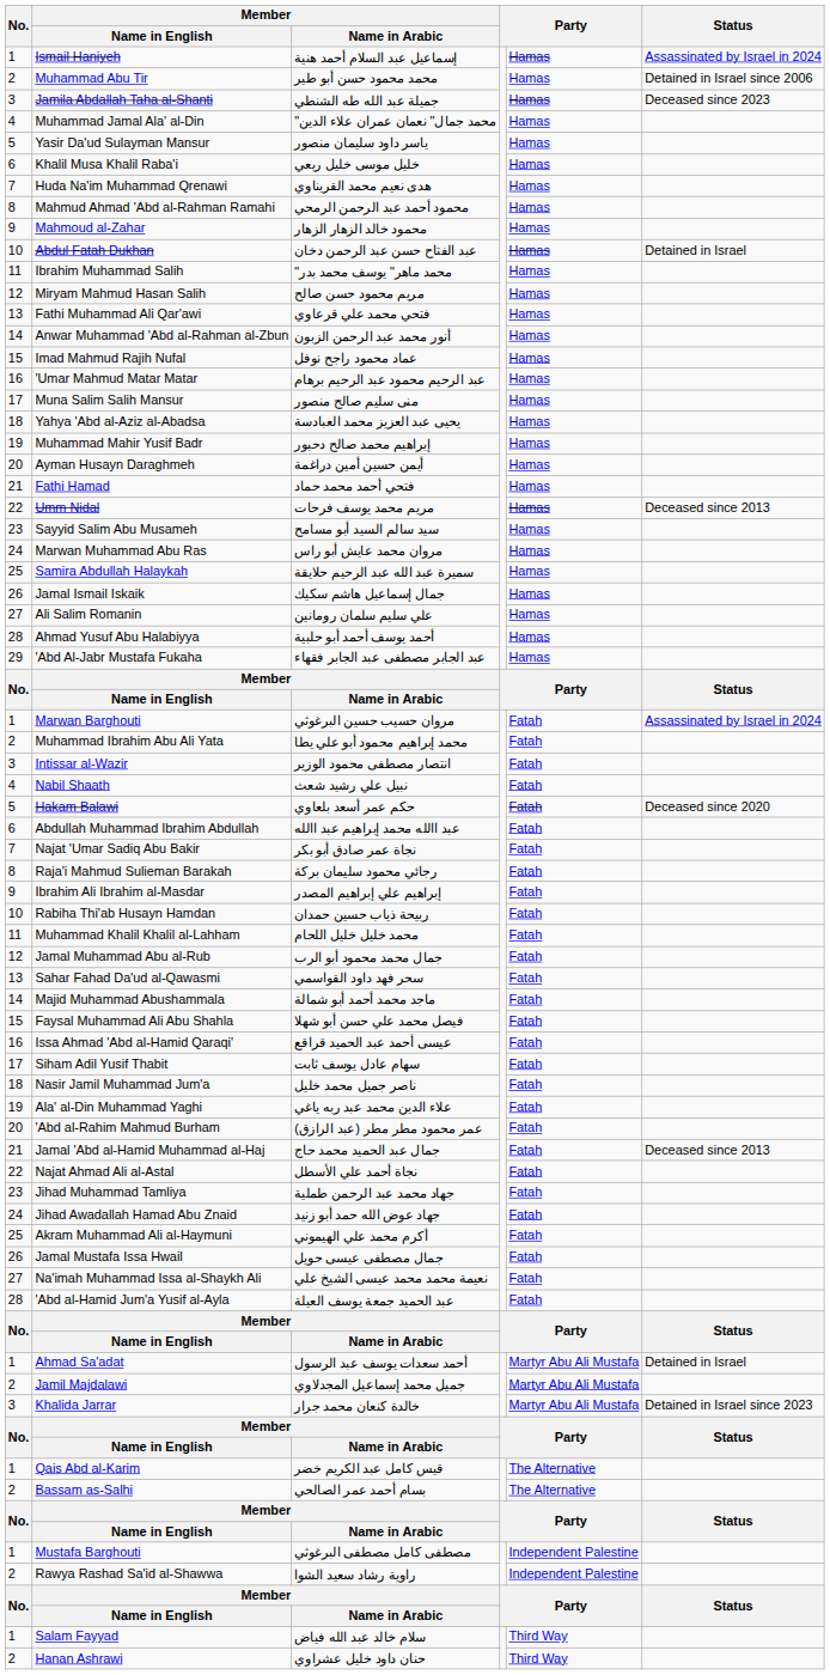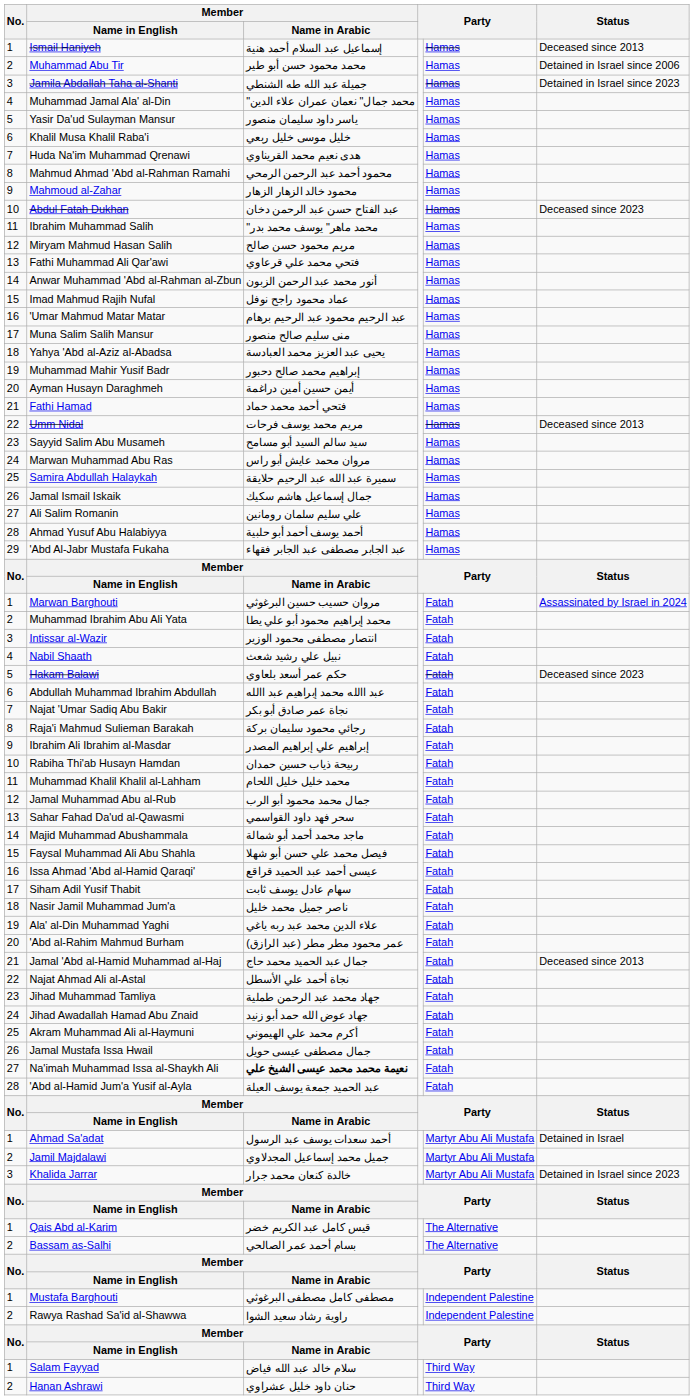 <table class="wikitable">
 <tr>
 <th colspan="1" rowspan="2">No.</th>
 <th colspan="2">Member</th>
 <th colspan="2" rowspan="2">Party</th>
 <th colspan="1" rowspan="2">Status</th>
 </tr>
 <tr>
 <th>Name in English</th>
 <th>Name in Arabic</th>
 </tr>
 <tr>
 <td>1</td>
 <td><s><a href='#'>Ismail Haniyeh</a></s></td>
 <td>إسماعيل عبد السلام أحمد هنية</td>
 <td rowspan="29" style="background-color:"></td>
 <td><s><a href='#'>Hamas</a></s></td>
-<td><a href='#'>Assassinated by Israel in 2024</a></td>
+<td>Deceased since 2013</td>
 </tr>
 <tr>
 <td>2</td>
 <td><a href='#'>Muhammad Abu Tir</a></td>
 <td>محمد محمود حسن أبو طير</td>
 <td><a href='#'>Hamas</a></td>
 <td>Detained in Israel since 2006</td>
 </tr>
 <tr>
 <td>3</td>
 <td><s><a href='#'>Jamila Abdallah Taha al-Shanti</a></s></td>
 <td>جميلة عبد الله طه الشنطي</td>
 <td><s><a href='#'>Hamas</a></s></td>
-<td>Deceased since 2023</td>
+<td>Detained in Israel since 2023</td>
 </tr>
 <tr>
 <td>4</td>
 <td>Muhammad Jamal Ala' al-Din</td>
 <td>"محمد جمال" نعمان عمران علاء الدين</td>
 <td><a href='#'>Hamas</a></td>
 <td></td>
 </tr>
 <tr>
 <td>5</td>
 <td>Yasir Da'ud Sulayman Mansur</td>
 <td>ياسر داود سليمان منصور</td>
 <td><a href='#'>Hamas</a></td>
 <td></td>
 </tr>
 <tr>
 <td>6</td>
 <td>Khalil Musa Khalil Raba'i</td>
 <td>خلیل موسى خليل ربعي</td>
 <td><a href='#'>Hamas</a></td>
 <td></td>
 </tr>
 <tr>
 <td>7</td>
 <td>Huda Na'im Muhammad Qrenawi</td>
 <td>هدى نعيم محمد القریناوي</td>
 <td><a href='#'>Hamas</a></td>
 <td></td>
 </tr>
 <tr>
 <td>8</td>
 <td>Mahmud Ahmad 'Abd al-Rahman Ramahi</td>
 <td>محمود أحمد عبد الرحمن الرمحي</td>
 <td><a href='#'>Hamas</a></td>
 <td></td>
 </tr>
 <tr>
 <td>9</td>
 <td><a href='#'>Mahmoud al-Zahar</a></td>
 <td>محمود خالد الزهار الزهار</td>
 <td><a href='#'>Hamas</a></td>
 <td></td>
 </tr>
 <tr>
 <td>10</td>
 <td><s><a href='#'>Abdul Fatah Dukhan</a></s></td>
 <td>عبد الفتاح حسن عبد الرحمن دخان</td>
 <td><s><a href='#'>Hamas</a></s></td>
-<td>Detained in Israel</td>
+<td>Deceased since 2023</td>
 </tr>
 <tr>
 <td>11</td>
 <td>Ibrahim Muhammad Salih</td>
 <td>"محمد ماهر" يوسف محمد بدر</td>
 <td><a href='#'>Hamas</a></td>
 <td></td>
 </tr>
 <tr>
 <td>12</td>
 <td>Miryam Mahmud Hasan Salih</td>
 <td>مریم محمود حسن صالح</td>
 <td><a href='#'>Hamas</a></td>
 <td></td>
 </tr>
 <tr>
 <td>13</td>
 <td>Fathi Muhammad Ali Qar'awi</td>
 <td>فتحي محمد علي قرعاوي</td>
 <td><a href='#'>Hamas</a></td>
 <td></td>
 </tr>
 <tr>
 <td>14</td>
 <td>Anwar Muhammad 'Abd al-Rahman al-Zbun</td>
 <td>أنور محمد عبد الرحمن الزبون</td>
 <td><a href='#'>Hamas</a></td>
 <td></td>
 </tr>
 <tr>
 <td>15</td>
 <td>Imad Mahmud Rajih Nufal</td>
 <td>عماد محمود راجح نوفل</td>
 <td><a href='#'>Hamas</a></td>
 <td></td>
 </tr>
 <tr>
 <td>16</td>
 <td>'Umar Mahmud Matar Matar</td>
 <td>عبد الرحيم محمود عبد الرحيم برهام</td>
 <td><a href='#'>Hamas</a></td>
 <td></td>
 </tr>
 <tr>
 <td>17</td>
 <td>Muna Salim Salih Mansur</td>
 <td>منى سليم صالح منصور</td>
 <td><a href='#'>Hamas</a></td>
 <td></td>
 </tr>
 <tr>
 <td>18</td>
 <td>Yahya 'Abd al-Aziz al-Abadsa</td>
 <td>یحیى عبد العزيز محمد العبادسة</td>
 <td><a href='#'>Hamas</a></td>
 <td></td>
 </tr>
 <tr>
 <td>19</td>
 <td>Muhammad Mahir Yusif Badr</td>
 <td>إبراهیم محمد صالح دحبور</td>
 <td><a href='#'>Hamas</a></td>
 <td></td>
 </tr>
 <tr>
 <td>20</td>
 <td>Ayman Husayn Daraghmeh</td>
 <td>أيمن حسين أمين دراغمة</td>
 <td><a href='#'>Hamas</a></td>
 <td></td>
 </tr>
 <tr>
 <td>21</td>
 <td><a href='#'>Fathi Hamad</a></td>
 <td>فتحي أحمد محمد حماد</td>
 <td><a href='#'>Hamas</a></td>
 <td></td>
 </tr>
 <tr>
 <td>22</td>
 <td><s><a href='#'>Umm Nidal</a></s></td>
 <td>مريم محمد يوسف فرحات</td>
 <td><s><a href='#'>Hamas</a></s></td>
 <td>Deceased since 2013</td>
 </tr>
 <tr>
 <td>23</td>
 <td>Sayyid Salim Abu Musameh</td>
 <td>سيد سالم السيد أبو مسامح</td>
 <td><a href='#'>Hamas</a></td>
 <td></td>
 </tr>
 <tr>
 <td>24</td>
 <td>Marwan Muhammad Abu Ras</td>
 <td>مروان محمد عايش أبو راس</td>
 <td><a href='#'>Hamas</a></td>
 <td></td>
 </tr>
 <tr>
 <td>25</td>
 <td><a href='#'>Samira Abdullah Halaykah</a></td>
 <td>سميرة عبد الله عبد الرحيم حلايقة</td>
 <td><a href='#'>Hamas</a></td>
 <td></td>
 </tr>
 <tr>
 <td>26</td>
 <td>Jamal Ismail Iskaik</td>
 <td>جمال إسماعيل هاشم سكيك</td>
 <td><a href='#'>Hamas</a></td>
 <td></td>
 </tr>
 <tr>
 <td>27</td>
 <td>Ali Salim Romanin</td>
 <td>علي سليم سلمان رومانين</td>
 <td><a href='#'>Hamas</a></td>
 <td></td>
 </tr>
 <tr>
 <td>28</td>
 <td>Ahmad Yusuf Abu Halabiyya</td>
 <td>أحمد يوسف أحمد أبو حلبية</td>
 <td><a href='#'>Hamas</a></td>
 <td></td>
 </tr>
 <tr>
 <td>29</td>
 <td>'Abd Al-Jabr Mustafa Fukaha</td>
 <td>عبد الجابر مصطفى عبد الجابر فقهاء</td>
 <td><a href='#'>Hamas</a></td>
 <td></td>
 </tr>
 <tr>
 <th colspan="1" rowspan="2">No.</th>
 <th colspan="2">Member</th>
 <th colspan="2" rowspan="2">Party</th>
 <th colspan="1" rowspan="2">Status</th>
 </tr>
 <tr>
 <th>Name in English</th>
 <th>Name in Arabic</th>
 </tr>
 <tr>
 <td>1</td>
 <td><a href='#'>Marwan Barghouti</a></td>
 <td>مروان حسيب حسين البرغوثي</td>
 <td rowspan="28" style="background-color:"></td>
 <td><a href='#'>Fatah</a></td>
 <td><a href='#'>Assassinated by Israel in 2024</a></td>
 </tr>
 <tr>
 <td>2</td>
 <td>Muhammad Ibrahim Abu Ali Yata</td>
 <td>محمد إبراهيم محمود أبو علي يطا</td>
 <td><a href='#'>Fatah</a></td>
 <td></td>
 </tr>
 <tr>
 <td>3</td>
 <td><a href='#'>Intissar al-Wazir</a></td>
 <td>انتصار مصطفى محمود الوزير</td>
 <td><a href='#'>Fatah</a></td>
 <td></td>
 </tr>
 <tr>
 <td>4</td>
 <td><a href='#'>Nabil Shaath</a></td>
 <td>نبيل علي رشيد شعث</td>
 <td><a href='#'>Fatah</a></td>
 <td></td>
 </tr>
 <tr>
 <td>5</td>
 <td><s><a href='#'>Hakam Balawi</a></s></td>
 <td>حكم عمر أسعد بلعاوي</td>
 <td><s><a href='#'>Fatah</a></s></td>
-<td>Deceased since 2020</td>
+<td>Deceased since 2023</td>
 </tr>
 <tr>
 <td>6</td>
 <td>Abdullah Muhammad Ibrahim Abdullah</td>
 <td>عبد االله محمد إبراهیم عبد االله</td>
 <td><a href='#'>Fatah</a></td>
 <td></td>
 </tr>
 <tr>
 <td>7</td>
 <td>Najat 'Umar Sadiq Abu Bakir</td>
 <td>نجاة عمر صادق أبو بكر</td>
 <td><a href='#'>Fatah</a></td>
 <td></td>
 </tr>
 <tr>
 <td>8</td>
 <td>Raja'i Mahmud Sulieman Barakah</td>
 <td>رجائي محمود سليمان بركة</td>
 <td><a href='#'>Fatah</a></td>
 <td></td>
 </tr>
 <tr>
 <td>9</td>
 <td>Ibrahim Ali Ibrahim al-Masdar</td>
 <td>إبراهيم علي إبراهيم المصدر</td>
 <td><a href='#'>Fatah</a></td>
 <td></td>
 </tr>
 <tr>
 <td>10</td>
 <td>Rabiha Thi'ab Husayn Hamdan</td>
 <td>ربيحة ذياب حسين حمدان</td>
 <td><a href='#'>Fatah</a></td>
 <td></td>
 </tr>
 <tr>
 <td>11</td>
 <td>Muhammad Khalil Khalil al-Lahham</td>
 <td>محمد خليل خليل اللحام</td>
 <td><a href='#'>Fatah</a></td>
 <td></td>
 </tr>
 <tr>
 <td>12</td>
 <td>Jamal Muhammad Abu al-Rub</td>
 <td>جمال محمد محمود أبو الرب</td>
 <td><a href='#'>Fatah</a></td>
 <td></td>
 </tr>
 <tr>
 <td>13</td>
 <td>Sahar Fahad Da'ud al-Qawasmi</td>
 <td>سحر فهد داود القواسمي</td>
 <td><a href='#'>Fatah</a></td>
 <td></td>
 </tr>
 <tr>
 <td>14</td>
 <td>Majid Muhammad Abushammala</td>
 <td>ماجد محمد أحمد أبو شمالة</td>
 <td><a href='#'>Fatah</a></td>
 <td></td>
 </tr>
 <tr>
 <td>15</td>
 <td>Faysal Muhammad Ali Abu Shahla</td>
 <td>فيصل محمد علي حسن أبو شهلا</td>
 <td><a href='#'>Fatah</a></td>
 <td></td>
 </tr>
 <tr>
 <td>16</td>
 <td>Issa Ahmad 'Abd al-Hamid Qaraqi'</td>
 <td>عيسى أحمد عبد الحميد قراقع</td>
 <td><a href='#'>Fatah</a></td>
 <td></td>
 </tr>
 <tr>
 <td>17</td>
 <td>Siham Adil Yusif Thabit</td>
 <td>سهام عادل يوسف ثابت</td>
 <td><a href='#'>Fatah</a></td>
 <td></td>
 </tr>
 <tr>
 <td>18</td>
 <td>Nasir Jamil Muhammad Jum'a</td>
 <td>ناصر جميل محمد خليل</td>
 <td><a href='#'>Fatah</a></td>
 <td></td>
 </tr>
 <tr>
 <td>19</td>
 <td>Ala' al-Din Muhammad Yaghi</td>
 <td>علاء الدين محمد عبد ربه ياغي</td>
 <td><a href='#'>Fatah</a></td>
 <td></td>
 </tr>
 <tr>
 <td>20</td>
 <td>'Abd al-Rahim Mahmud Burham</td>
 <td>عمر محمود مطر مطر (عبد الرازق)</td>
 <td><a href='#'>Fatah</a></td>
 <td></td>
 </tr>
 <tr>
 <td>21</td>
 <td>Jamal 'Abd al-Hamid Muhammad al-Haj</td>
 <td>جمال عبد الحميد محمد حاج</td>
 <td><a href='#'>Fatah</a></td>
 <td>Deceased since 2013</td>
 </tr>
 <tr>
 <td>22</td>
 <td>Najat Ahmad Ali al-Astal</td>
 <td>نجاة أحمد علي الأسطل</td>
 <td><a href='#'>Fatah</a></td>
 <td></td>
 </tr>
 <tr>
 <td>23</td>
 <td>Jihad Muhammad Tamliya</td>
 <td>جهاد محمد عبد الرحمن طملية</td>
 <td><a href='#'>Fatah</a></td>
 <td></td>
 </tr>
 <tr>
 <td>24</td>
 <td>Jihad Awadallah Hamad Abu Znaid</td>
 <td>جهاد عوض الله حمد أبو زنيد</td>
 <td><a href='#'>Fatah</a></td>
 <td></td>
 </tr>
 <tr>
 <td>25</td>
 <td>Akram Muhammad Ali al-Haymuni</td>
 <td>أكرم محمد علي الهيموني</td>
 <td><a href='#'>Fatah</a></td>
 <td></td>
 </tr>
 <tr>
 <td>26</td>
 <td>Jamal Mustafa Issa Hwail</td>
 <td>جمال مصطفى عيسى حويل</td>
 <td><a href='#'>Fatah</a></td>
 <td></td>
 </tr>
 <tr>
 <td>27</td>
 <td>Na'imah Muhammad Issa al-Shaykh Ali</td>
-<td>نعيمة محمد محمد عيسى الشيخ علي</td>
+<td><strong>نعيمة محمد محمد عيسى الشيخ علي</strong></td>
 <td><a href='#'>Fatah</a></td>
 <td></td>
 </tr>
 <tr>
 <td>28</td>
 <td>'Abd al-Hamid Jum'a Yusif al-Ayla</td>
 <td>عبد الحميد جمعة يوسف العيلة</td>
 <td><a href='#'>Fatah</a></td>
 <td></td>
 </tr>
 <tr>
 <th colspan="1" rowspan="2">No.</th>
 <th colspan="2">Member</th>
 <th colspan="2" rowspan="2">Party</th>
 <th colspan="1" rowspan="2">Status</th>
 </tr>
 <tr>
 <th>Name in English</th>
 <th>Name in Arabic</th>
 </tr>
 <tr>
 <td>1</td>
 <td><a href='#'>Ahmad Sa'adat</a></td>
 <td>أحمد سعدات يوسف عبد الرسول</td>
 <td rowspan="3" style="background-color:"></td>
 <td><a href='#'>Martyr Abu Ali Mustafa</a></td>
 <td>Detained in Israel</td>
 </tr>
 <tr>
 <td>2</td>
 <td><a href='#'>Jamil Majdalawi</a></td>
 <td>جميل محمد إسماعيل المجدلاوي</td>
 <td><a href='#'>Martyr Abu Ali Mustafa</a></td>
 <td></td>
 </tr>
 <tr>
 <td>3</td>
 <td><a href='#'>Khalida Jarrar</a></td>
 <td>خالدة كنعان محمد جرار</td>
 <td><a href='#'>Martyr Abu Ali Mustafa</a></td>
 <td>Detained in Israel since 2023</td>
 </tr>
 <tr>
 <th colspan="1" rowspan="2">No.</th>
 <th colspan="2">Member</th>
 <th colspan="2" rowspan="2">Party</th>
 <th colspan="1" rowspan="2">Status</th>
 </tr>
 <tr>
 <th>Name in English</th>
 <th>Name in Arabic</th>
 </tr>
 <tr>
 <td>1</td>
 <td><a href='#'>Qais Abd al-Karim</a></td>
 <td>قيس كامل عبد الكريم خضر</td>
 <td rowspan="2" style="background-color:"></td>
 <td><a href='#'>The Alternative</a></td>
 <td></td>
 </tr>
 <tr>
 <td>2</td>
 <td><a href='#'>Bassam as-Salhi</a></td>
 <td>بسام أحمد عمر الصالحي</td>
 <td><a href='#'>The Alternative</a></td>
 <td></td>
 </tr>
 <tr>
 <th colspan="1" rowspan="2">No.</th>
 <th colspan="2">Member</th>
 <th colspan="2" rowspan="2">Party</th>
 <th colspan="1" rowspan="2">Status</th>
 </tr>
 <tr>
 <th>Name in English</th>
 <th>Name in Arabic</th>
 </tr>
 <tr>
 <td>1</td>
 <td><a href='#'>Mustafa Barghouti</a></td>
 <td>مصطفى كامل مصطفى البرغوثي</td>
 <td rowspan="2" style="background-color:"></td>
 <td><a href='#'>Independent Palestine</a></td>
 <td></td>
 </tr>
 <tr>
 <td>2</td>
 <td>Rawya Rashad Sa'id al-Shawwa</td>
 <td>راوية رشاد سعيد الشوا</td>
 <td><a href='#'>Independent Palestine</a></td>
 <td></td>
 </tr>
 <tr>
 <th colspan="1" rowspan="2">No.</th>
 <th colspan="2">Member</th>
 <th colspan="2" rowspan="2">Party</th>
 <th colspan="1" rowspan="2">Status</th>
 </tr>
 <tr>
 <th>Name in English</th>
 <th>Name in Arabic</th>
 </tr>
 <tr>
 <td>1</td>
 <td><a href='#'>Salam Fayyad</a></td>
 <td>سلام خالد عبد الله فياض</td>
 <td rowspan="2" style="background-color:"></td>
 <td><a href='#'>Third Way</a></td>
 <td></td>
 </tr>
 <tr>
 <td>2</td>
 <td><a href='#'>Hanan Ashrawi</a></td>
 <td>حنان داود خليل عشراوي</td>
 <td><a href='#'>Third Way</a></td>
 <td></td>
 </tr>
 </table>
